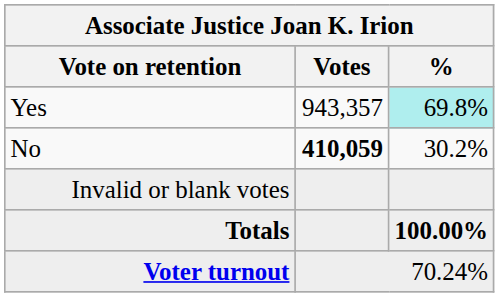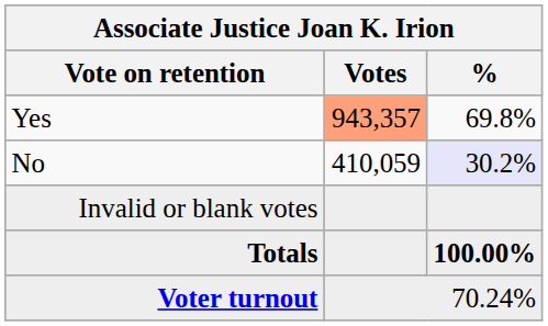 <table class="wikitable" style="font-size: 95%;">
 <tr style="background-color:#E9E9E9">
 <th colspan=7>Associate Justice Joan K. Irion</th>
 </tr>
 <tr style="background-color:#E9E9E9">
 <th style="width: 170px">Vote on retention</th>
 <th style="width: 50px">Votes</th>
 <th style="width: 40px">%</th>
 </tr>
 <tr>
 <td>Yes</td>
-<td align="right">943,357</td>
-<td align="right" style="background: paleturquoise;">69.8%</td>
+<td align="right" style="background: lightsalmon;">943,357</td>
+<td align="right">69.8%</td>
 </tr>
 <tr>
 <td>No</td>
-<td align="right"><strong>410,059</strong></td>
-<td align="right">30.2%</td>
+<td align="right">410,059</td>
+<td align="right" style="background: lavender;">30.2%</td>
 </tr>
 <tr bgcolor="#EEEEEE">
 <td align="right">Invalid or blank votes</td>
 <td align="right"></td>
 <td align="right"></td>
 </tr>
 <tr bgcolor="#EEEEEE">
 <td align="right"><strong>Totals</strong></td>
 <td align="right"><strong></strong></td>
 <td align="right"><strong>100.00%</strong></td>
 </tr>
 <tr bgcolor="#EEEEEE">
 <td align="right"><strong><a href='#'>Voter turnout</a></strong></td>
 <td colspan="2" align="right">70.24%</td>
 </tr>
 </table>
